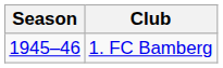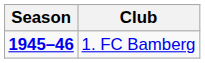 <table class="wikitable">
 <tr align="center" bgcolor="#dfdfdf">
 <th>Season</th>
 <th>Club</th>
 </tr>
 <tr>
-<td><a href='#'>1945–46</a></td>
+<td><strong><a href='#'>1945–46</a></strong></td>
 <td><a href='#'>1. FC Bamberg</a></td>
 </tr>
 </table>
